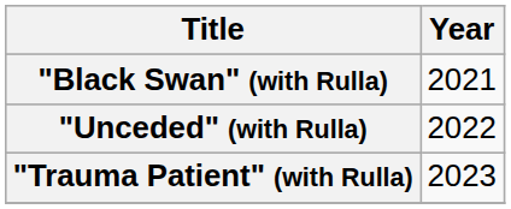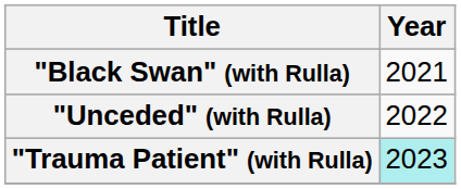 <table class="wikitable plainrowheaders" style="text-align:center;">
 <tr>
 <th scope="col" rowspan="1">Title</th>
 <th scope="col" rowspan="1">Year</th>
 </tr>
 <tr>
 <th scope="row">"Black Swan" <small>(with Rulla)</small></th>
 <td>2021</td>
 </tr>
 <tr>
 <th scope="row">"Unceded" <small>(with Rulla)</small></th>
 <td>2022</td>
 </tr>
 <tr>
 <th scope="row">"Trauma Patient" <small>(with Rulla)</small></th>
-<td>2023</td>
+<td style="background: paleturquoise;">2023</td>
 </tr>
 <tr>
 </tr>
 </table>
